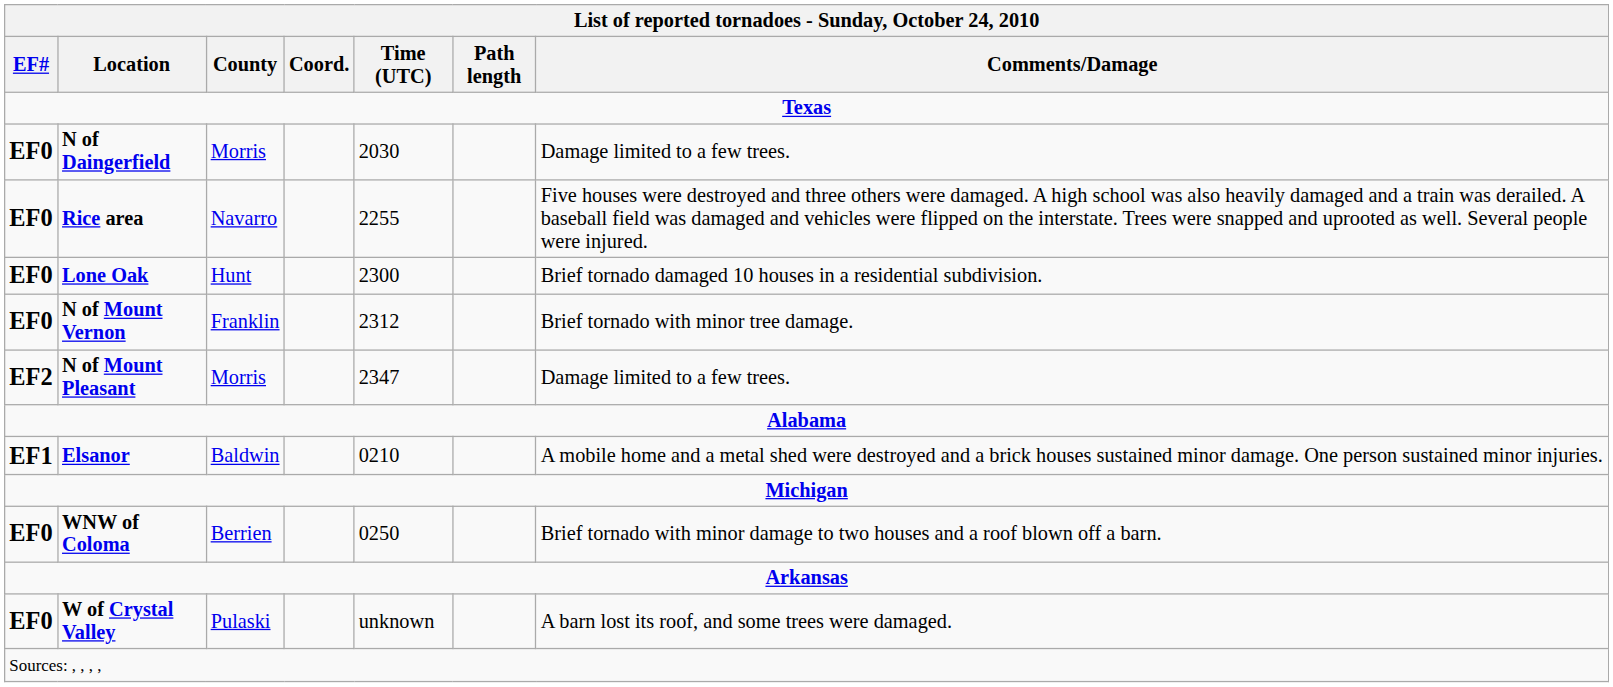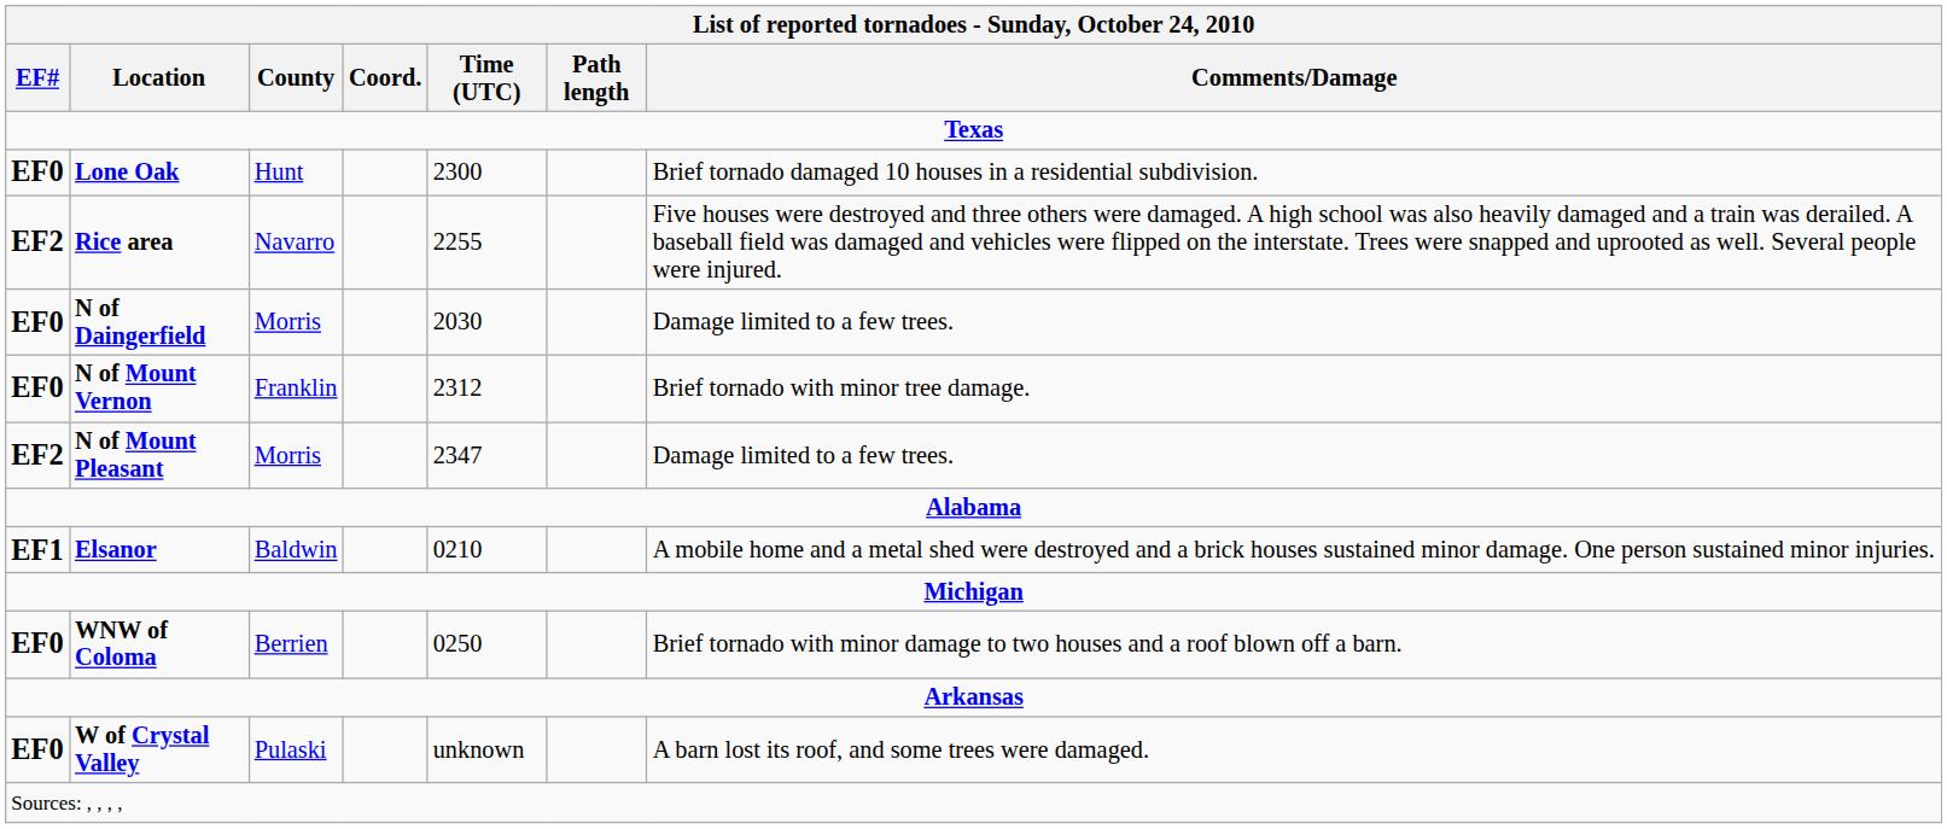 <table class="wikitable collapsible" width="100%">
 <tr>
 <th colspan="7">List of reported tornadoes - Sunday, October 24, 2010</th>
 </tr>
 <tr>
 <th><a href='#'>EF#</a></th>
 <th>Location</th>
 <th>County</th>
 <th>Coord.</th>
 <th>Time (UTC)</th>
 <th>Path length</th>
 <th>Comments/Damage</th>
 </tr>
 <tr>
 <td colspan="7" align=center><strong><a href='#'>Texas</a></strong></td>
 </tr>
 <tr>
 <td><big><strong>EF0</strong></big></td>
-<td><strong>N of <a href='#'>Daingerfield</a></strong></td>
-<td><a href='#'>Morris</a></td>
+<td><strong><a href='#'>Lone Oak</a></strong></td>
+<td><a href='#'>Hunt</a></td>
 <td></td>
-<td>2030</td>
+<td>2300</td>
 <td></td>
-<td>Damage limited to a few trees.</td>
+<td>Brief tornado damaged 10 houses in a residential subdivision.</td>
 </tr>
 <tr>
-<td><big><strong>EF0</strong></big></td>
+<td><big><strong>EF2</strong></big></td>
 <td><strong><a href='#'>Rice</a> area</strong></td>
 <td><a href='#'>Navarro</a></td>
 <td></td>
 <td>2255</td>
 <td></td>
 <td>Five houses were destroyed and three others were damaged. A high school was also heavily damaged and a train was derailed. A baseball field was damaged and vehicles were flipped on the interstate. Trees were snapped and uprooted as well. Several people were injured.</td>
 </tr>
 <tr>
 <td><big><strong>EF0</strong></big></td>
-<td><strong><a href='#'>Lone Oak</a></strong></td>
-<td><a href='#'>Hunt</a></td>
+<td><strong>N of <a href='#'>Daingerfield</a></strong></td>
+<td><a href='#'>Morris</a></td>
 <td></td>
-<td>2300</td>
+<td>2030</td>
 <td></td>
-<td>Brief tornado damaged 10 houses in a residential subdivision.</td>
+<td>Damage limited to a few trees.</td>
 </tr>
 <tr>
 <td><big><strong>EF0</strong></big></td>
 <td><strong>N of <a href='#'>Mount Vernon</a></strong></td>
 <td><a href='#'>Franklin</a></td>
 <td></td>
 <td>2312</td>
 <td></td>
 <td>Brief tornado with minor tree damage.</td>
 </tr>
 <tr>
 <td><big><strong>EF2</strong></big></td>
 <td><strong>N of <a href='#'>Mount Pleasant</a></strong></td>
 <td><a href='#'>Morris</a></td>
 <td></td>
 <td>2347</td>
 <td></td>
 <td>Damage limited to a few trees.</td>
 </tr>
 <tr>
 <td colspan="7" align=center><strong><a href='#'>Alabama</a></strong></td>
 </tr>
 <tr>
 <td><big><strong>EF1</strong></big></td>
 <td><strong><a href='#'>Elsanor</a></strong></td>
 <td><a href='#'>Baldwin</a></td>
 <td></td>
 <td>0210</td>
 <td></td>
 <td>A mobile home and a metal shed were destroyed and a brick houses sustained minor damage. One person sustained minor injuries.</td>
 </tr>
 <tr>
 <td colspan="7" align=center><strong><a href='#'>Michigan</a></strong></td>
 </tr>
 <tr>
 <td><big><strong>EF0</strong></big></td>
 <td><strong>WNW of <a href='#'>Coloma</a></strong></td>
 <td><a href='#'>Berrien</a></td>
 <td></td>
 <td>0250</td>
 <td></td>
 <td>Brief tornado with minor damage to two houses and a roof blown off a barn.</td>
 </tr>
 <tr>
 <td colspan="7" align=center><strong><a href='#'>Arkansas</a></strong></td>
 </tr>
 <tr>
 <td><big><strong>EF0</strong></big></td>
 <td><strong>W of <a href='#'>Crystal Valley</a></strong></td>
 <td><a href='#'>Pulaski</a></td>
 <td></td>
 <td>unknown</td>
 <td></td>
 <td>A barn lost its roof, and some trees were damaged.</td>
 </tr>
 <tr>
 <td colspan="7"><small>Sources: , , , , </small></td>
 </tr>
 </table>
